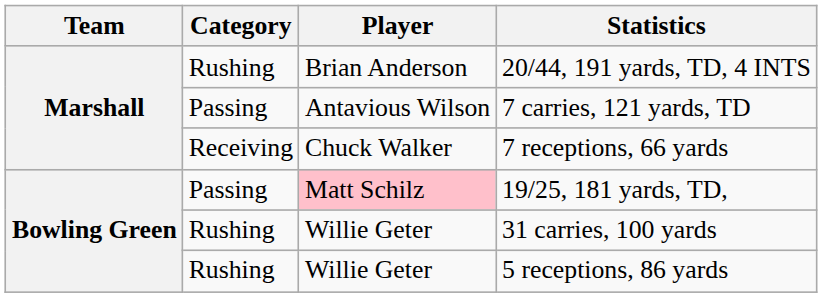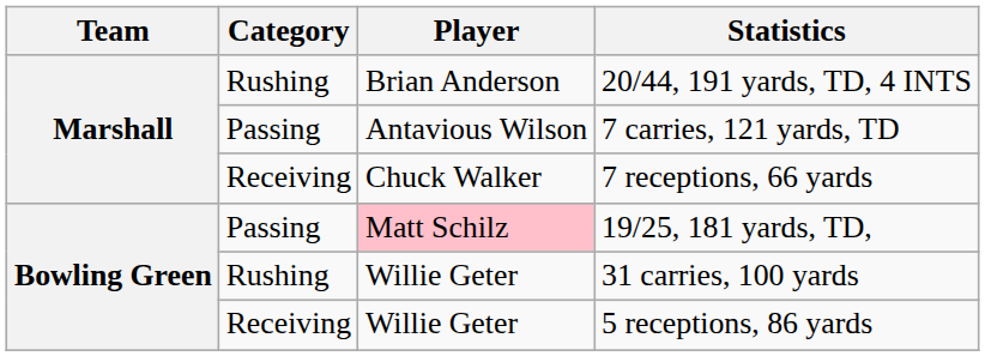 <table class="wikitable" style="float:right">
 <tr>
 <th>Team</th>
 <th>Category</th>
 <th>Player</th>
 <th>Statistics</th>
 </tr>
 <tr>
 <th rowspan=3>Marshall</th>
 <td>Rushing</td>
 <td>Brian Anderson</td>
 <td>20/44, 191 yards, TD, 4 INTS</td>
 </tr>
 <tr>
 <td>Passing</td>
 <td>Antavious Wilson</td>
 <td>7 carries, 121 yards, TD</td>
 </tr>
 <tr>
 <td>Receiving</td>
 <td>Chuck Walker</td>
 <td>7 receptions, 66 yards</td>
 </tr>
 <tr>
 <th rowspan=3>Bowling Green</th>
 <td>Passing</td>
 <td style="background: pink;">Matt Schilz</td>
 <td>19/25, 181 yards, TD,</td>
 </tr>
 <tr>
 <td>Rushing</td>
 <td>Willie Geter</td>
 <td>31 carries, 100 yards</td>
 </tr>
 <tr>
-<td>Rushing</td>
+<td>Receiving</td>
 <td>Willie Geter</td>
 <td>5 receptions, 86 yards</td>
 </tr>
 </table>
